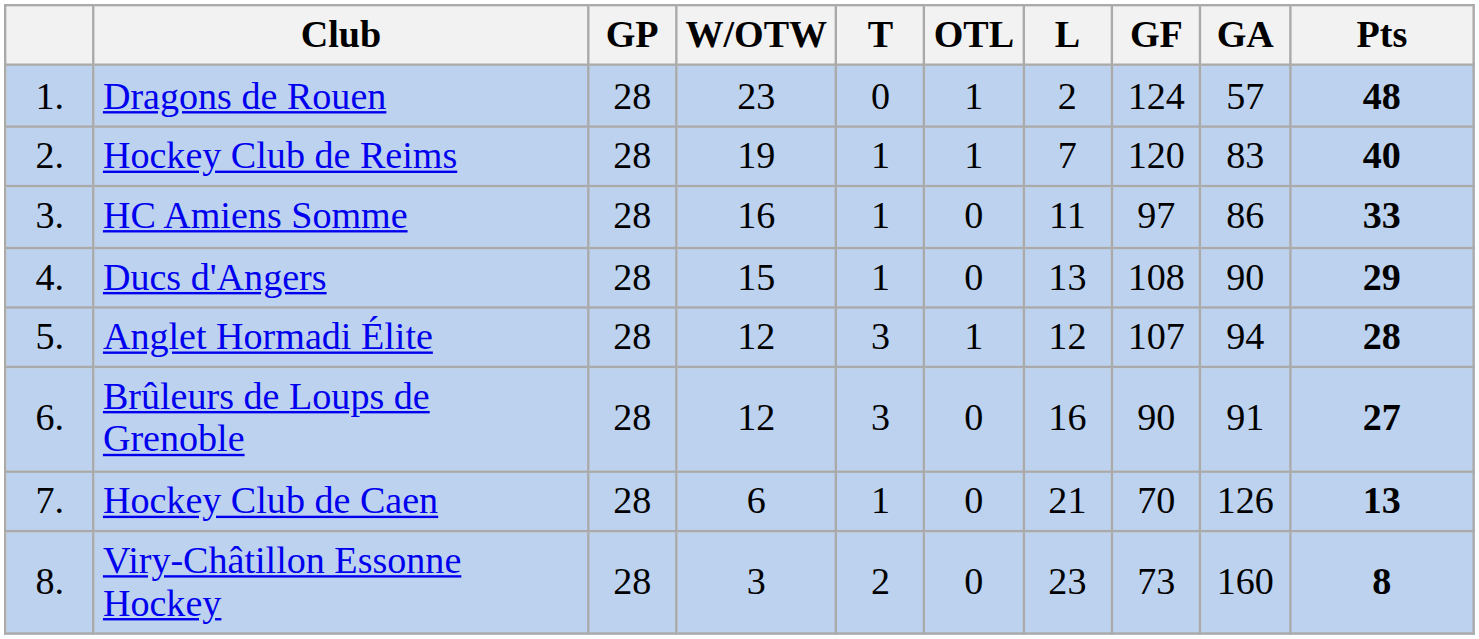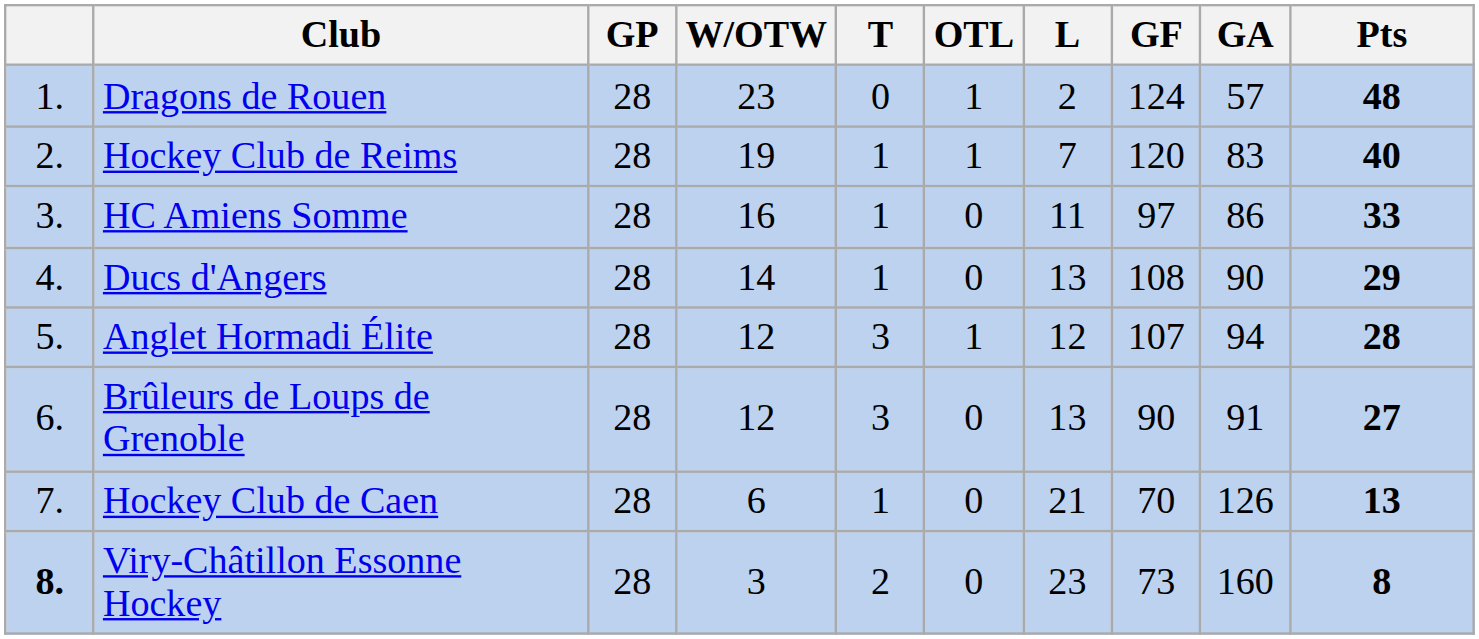 <table class="wikitable">
 <tr>
 <th width="30"></th>
 <th width="200">Club</th>
 <th width="30">GP</th>
 <th width="30">W/OTW</th>
 <th width="30">T</th>
 <th width="30">OTL</th>
 <th width="30">L</th>
 <th width="30">GF</th>
 <th width="30">GA</th>
 <th width="70">Pts</th>
 </tr>
 <tr bgcolor="#BCD2EE" align="center">
 <td>1.</td>
 <td align="left"><a href='#'>Dragons de Rouen</a></td>
 <td>28</td>
 <td>23</td>
 <td>0</td>
 <td>1</td>
 <td>2</td>
 <td>124</td>
 <td>57</td>
 <td><strong>48</strong></td>
 </tr>
 <tr bgcolor="#BCD2EE" align="center">
 <td>2.</td>
 <td align="left"><a href='#'>Hockey Club de Reims</a></td>
 <td>28</td>
 <td>19</td>
 <td>1</td>
 <td>1</td>
 <td>7</td>
 <td>120</td>
 <td>83</td>
 <td><strong>40</strong></td>
 </tr>
 <tr bgcolor="#BCD2EE" align="center">
 <td>3.</td>
 <td align="left"><a href='#'>HC Amiens Somme</a></td>
 <td>28</td>
 <td>16</td>
 <td>1</td>
 <td>0</td>
 <td>11</td>
 <td>97</td>
 <td>86</td>
 <td><strong>33</strong></td>
 </tr>
 <tr bgcolor="#BCD2EE" align="center">
 <td>4.</td>
 <td align="left"><a href='#'>Ducs d'Angers</a></td>
 <td>28</td>
-<td>15</td>
+<td>14</td>
 <td>1</td>
 <td>0</td>
 <td>13</td>
 <td>108</td>
 <td>90</td>
 <td><strong>29</strong></td>
 </tr>
 <tr bgcolor="#BCD2EE" align="center">
 <td>5.</td>
 <td align="left"><a href='#'>Anglet Hormadi Élite</a></td>
 <td>28</td>
 <td>12</td>
 <td>3</td>
 <td>1</td>
 <td>12</td>
 <td>107</td>
 <td>94</td>
 <td><strong>28</strong></td>
 </tr>
 <tr bgcolor="#BCD2EE" align="center">
 <td>6.</td>
 <td align="left"><a href='#'>Brûleurs de Loups de Grenoble</a></td>
 <td>28</td>
 <td>12</td>
 <td>3</td>
 <td>0</td>
-<td>16</td>
+<td>13</td>
 <td>90</td>
 <td>91</td>
 <td><strong>27</strong></td>
 </tr>
 <tr bgcolor="#BCD2EE" align="center">
 <td>7.</td>
 <td align="left"><a href='#'>Hockey Club de Caen</a></td>
 <td>28</td>
 <td>6</td>
 <td>1</td>
 <td>0</td>
 <td>21</td>
 <td>70</td>
 <td>126</td>
 <td><strong>13</strong></td>
 </tr>
 <tr bgcolor="#BCD2EE" align="center">
-<td>8.</td>
+<td><strong>8.</strong></td>
 <td align="left"><a href='#'>Viry-Châtillon Essonne Hockey&lrm;</a></td>
 <td>28</td>
 <td>3</td>
 <td>2</td>
 <td>0</td>
 <td>23</td>
 <td>73</td>
 <td>160</td>
 <td><strong>8</strong></td>
 </tr>
 </table>
